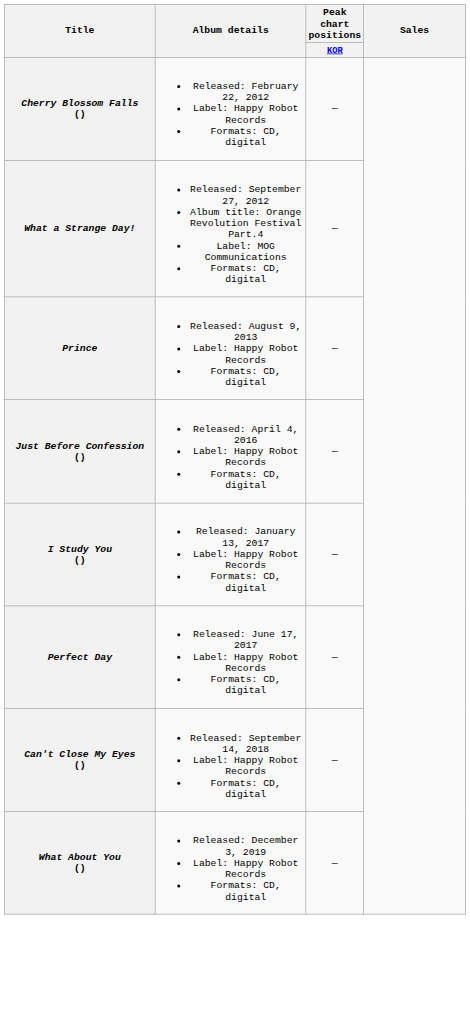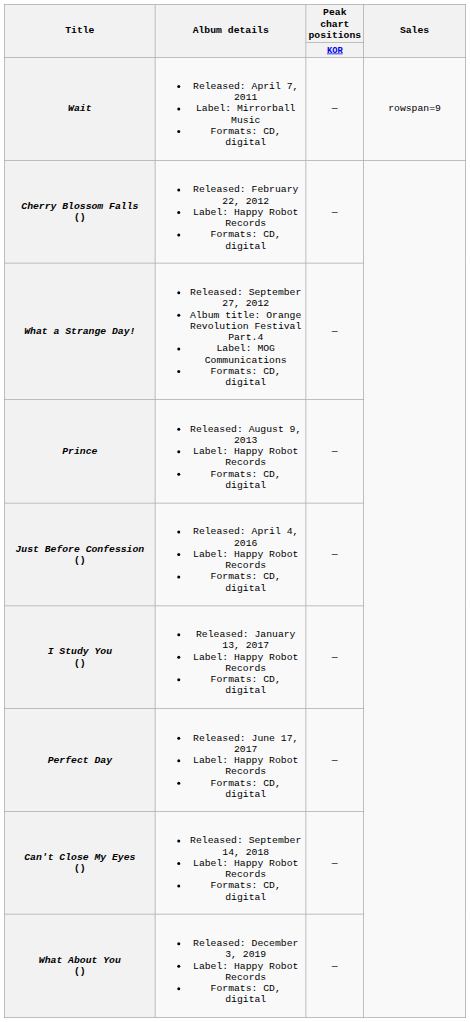 <table class="wikitable plainrowheaders" style="text-align:center;">
 <tr>
 <th scope="col" rowspan="2" style="width:15em;">Title</th>
 <th scope="col" rowspan="2" style="width:15em;">Album details</th>
 <th scope="col" colspan="1" style="width:5em;">Peak chart positions</th>
 <th scope="col" rowspan="2" style="width:10em;">Sales</th>
 </tr>
 <tr>
 <th style="font-size:90%"><a href='#'>KOR</a><br></th>
+</tr>
+<tr>
+<th scope="row"><em>Wait</em></th>
+<td><br><ul><li>Released: April 7, 2011</li><li>Label: Mirrorball Music</li><li>Formats: CD, digital</li></ul></td>
+<td>—</td>
+<td>rowspan=9 </td>
 </tr>
 <tr>
 <th scope="row"><em>Cherry Blossom Falls</em><br>()</th>
 <td><br><ul><li>Released: February 22, 2012</li><li>Label: Happy Robot Records</li><li>Formats: CD, digital</li></ul></td>
 <td>—</td>
 </tr>
 <tr>
 <th scope="row"><em>What a Strange Day!</em></th>
 <td><br><ul><li>Released: September 27, 2012</li><li>Album title: Orange Revolution Festival Part.4</li><li>Label: MOG Communications</li><li>Formats: CD, digital</li></ul></td>
 <td>—</td>
 </tr>
 <tr>
 <th scope="row"><em>Prince</em></th>
 <td><br><ul><li>Released: August 9, 2013</li><li>Label: Happy Robot Records</li><li>Formats: CD, digital</li></ul></td>
 <td>—</td>
 </tr>
 <tr>
 <th scope="row"><em>Just Before Confession</em><br>()</th>
 <td><br><ul><li>Released: April 4, 2016</li><li>Label: Happy Robot Records</li><li>Formats: CD, digital</li></ul></td>
 <td>—</td>
 </tr>
 <tr>
 <th scope="row"><em>I Study You</em><br>()</th>
 <td><br><ul><li>Released: January 13, 2017</li><li>Label: Happy Robot Records</li><li>Formats: CD, digital</li></ul></td>
 <td>—</td>
 </tr>
 <tr>
 <th scope="row"><em>Perfect Day</em></th>
 <td><br><ul><li>Released: June 17, 2017</li><li>Label: Happy Robot Records</li><li>Formats: CD, digital</li></ul></td>
 <td>—</td>
 </tr>
 <tr>
 <th scope="row"><em>Can't Close My Eyes</em><br>()</th>
 <td><br><ul><li>Released: September 14, 2018</li><li>Label: Happy Robot Records</li><li>Formats: CD, digital</li></ul></td>
 <td>—</td>
 </tr>
 <tr>
 <th scope="row"><em>What About You</em><br>()</th>
 <td><br><ul><li>Released: December 3, 2019</li><li>Label: Happy Robot Records</li><li>Formats: CD, digital</li></ul></td>
 <td>—</td>
 </tr>
 </table>
